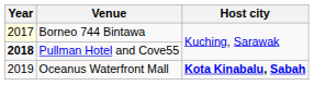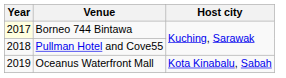 <table class="wikitable">
 <tr>
 <th>Year</th>
 <th>Venue</th>
 <th>Host city</th>
 </tr>
 <tr>
 <td style="background: lightyellow;">2017</td>
 <td>Borneo 744 Bintawa</td>
 <td rowspan="2"><a href='#'>Kuching</a>, <a href='#'>Sarawak</a></td>
 </tr>
 <tr>
-<td><strong>2018</strong></td>
+<td>2018</td>
 <td><a href='#'>Pullman Hotel</a> and Cove55</td>
 </tr>
 <tr>
 <td>2019</td>
 <td>Oceanus Waterfront Mall</td>
-<td><strong><a href='#'>Kota Kinabalu</a>, <a href='#'>Sabah</a></strong></td>
+<td><a href='#'>Kota Kinabalu</a>, <a href='#'>Sabah</a></td>
 </tr>
 </table>
